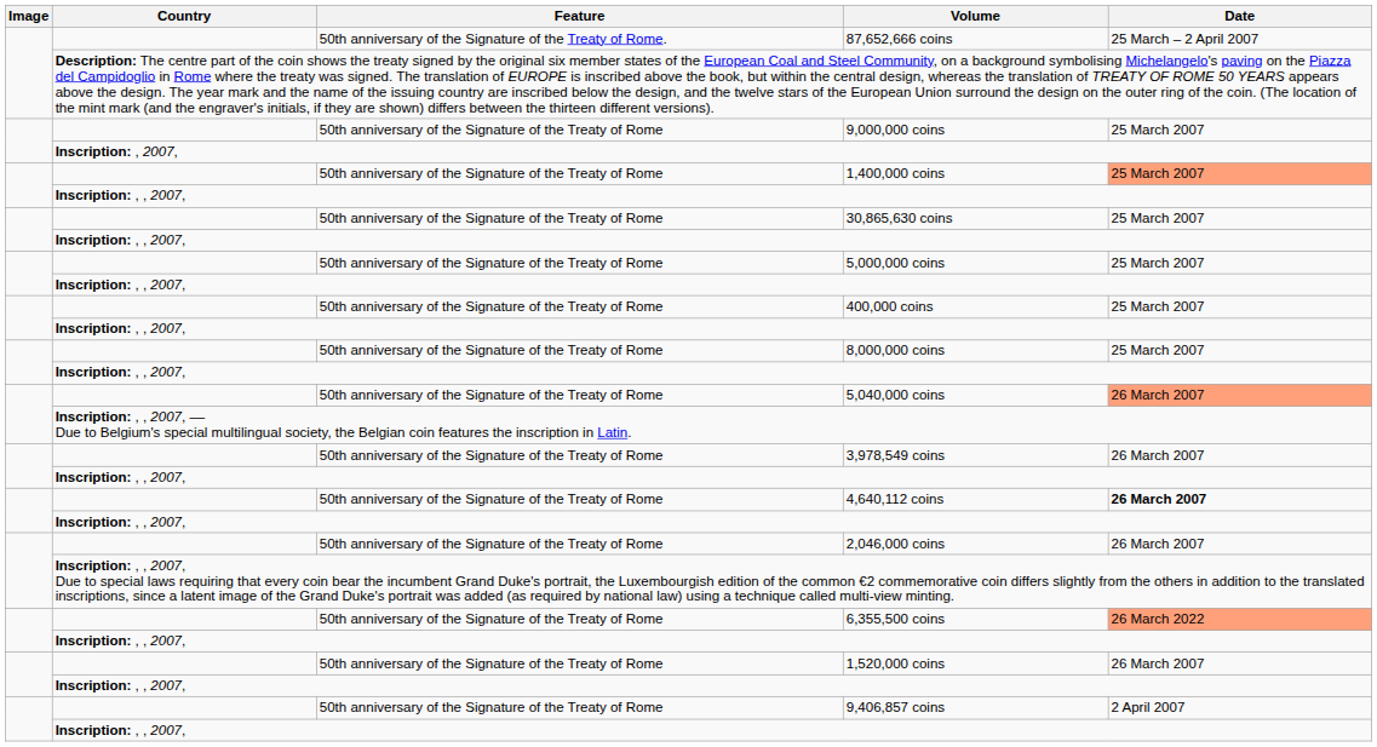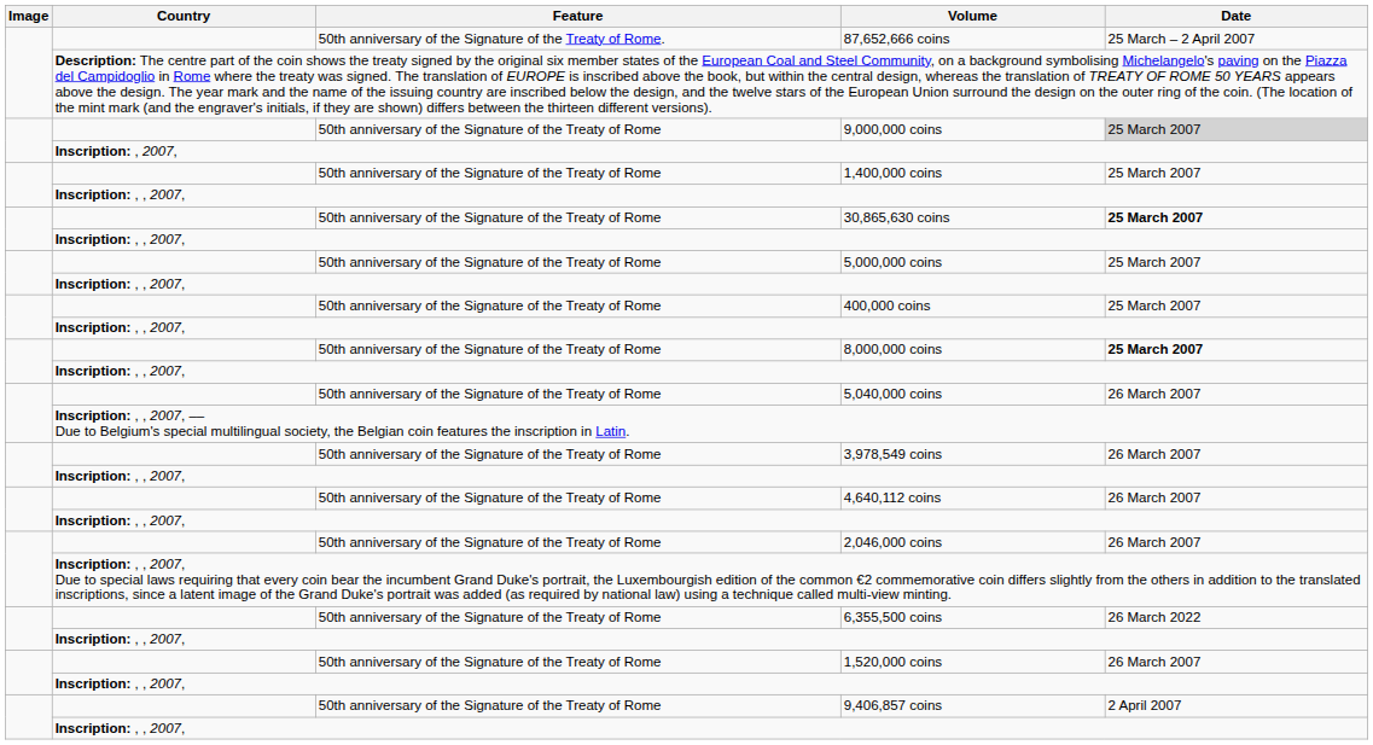 <table class="wikitable">
 <tr>
 <th>Image</th>
 <th>Country</th>
 <th>Feature</th>
 <th>Volume</th>
 <th>Date</th>
 </tr>
 <tr>
 <td style="width:160px;" rowspan="2"></td>
 <td style="width:20%;"></td>
 <td style="width:40%;">50th anniversary of the Signature of the <a href='#'>Treaty of Rome</a>.</td>
 <td style="width:20%;">87,652,666 coins</td>
 <td style="width:20%;">25 March – 2 April 2007</td>
 </tr>
 <tr>
 <td colspan="5"><strong>Description:</strong> The centre part of the coin shows the treaty signed by the original six member states of the <a href='#'>European Coal and Steel Community</a>, on a background symbolising <a href='#'>Michelangelo</a>'s <a href='#'>paving</a> on the <a href='#'>Piazza del Campidoglio</a> in <a href='#'>Rome</a> where the treaty was signed. The translation of <em>EUROPE</em> is inscribed above the book, but within the central design, whereas the translation of <em>TREATY OF ROME 50 YEARS</em> appears above the design. The year mark and the name of the issuing country are inscribed below the design, and the twelve stars of the European Union surround the design on the outer ring of the coin. (The location of the mint mark (and the engraver's initials, if they are shown) differs between the thirteen different versions).</td>
 </tr>
 <tr>
 <td style="width:160px;" rowspan="2"></td>
 <td style="width:20%;"></td>
 <td style="width:40%;">50th anniversary of the Signature of the Treaty of Rome</td>
 <td style="width:20%;">9,000,000 coins</td>
-<td style="width:20%;">25 March 2007</td>
+<td style="background: lightgrey; width:20%;">25 March 2007</td>
 </tr>
 <tr>
 <td colspan="5"><strong>Inscription:</strong>  , <em>2007</em>, </td>
 </tr>
 <tr>
 <td style="width:160px;" rowspan="2"></td>
 <td style="width:20%;"></td>
 <td style="width:40%;">50th anniversary of the Signature of the Treaty of Rome</td>
 <td style="width:20%;">1,400,000 coins</td>
-<td style="background: lightsalmon; width:20%;">25 March 2007</td>
+<td style="width:20%;">25 March 2007</td>
 </tr>
 <tr>
 <td colspan="5"><strong>Inscription:</strong> , , <em>2007</em>,  </td>
 </tr>
 <tr>
 <td style="width:160px;" rowspan="2"></td>
 <td style="width:20%;"></td>
 <td style="width:40%;">50th anniversary of the Signature of the Treaty of Rome</td>
 <td style="width:20%;">30,865,630 coins</td>
-<td style="width:20%;">25 March 2007</td>
+<td style="width:20%;"><strong>25 March 2007</strong></td>
 </tr>
 <tr>
 <td colspan="5"><strong>Inscription:</strong> , , <em>2007</em>, </td>
 </tr>
 <tr>
 <td style="width:160px;" rowspan="2"></td>
 <td style="width:20%;"></td>
 <td style="width:40%;">50th anniversary of the Signature of the Treaty of Rome</td>
 <td style="width:20%;">5,000,000 coins</td>
 <td style="width:20%;">25 March 2007</td>
 </tr>
 <tr>
 <td colspan="5"><strong>Inscription:</strong> , , <em>2007</em>, </td>
 </tr>
 <tr>
 <td style="width:160px;" rowspan="2"></td>
 <td style="width:20%;"></td>
 <td style="width:40%;">50th anniversary of the Signature of the Treaty of Rome</td>
 <td style="width:20%;">400,000 coins</td>
 <td style="width:20%;">25 March 2007</td>
 </tr>
 <tr>
 <td colspan="5"><strong>Inscription:</strong> , , <em>2007</em>, </td>
 </tr>
 <tr>
 <td style="width:160px;" rowspan="2"></td>
 <td style="width:20%;"></td>
 <td style="width:40%;">50th anniversary of the Signature of the Treaty of Rome</td>
 <td style="width:20%;">8,000,000 coins</td>
-<td style="width:20%;">25 March 2007</td>
+<td style="width:20%;"><strong>25 March 2007</strong></td>
 </tr>
 <tr>
 <td colspan="5"><strong>Inscription:</strong> , , <em>2007</em>, </td>
 </tr>
 <tr>
 <td style="width:160px;" rowspan="2"></td>
 <td style="width:20%;"></td>
 <td style="width:40%;">50th anniversary of the Signature of the Treaty of Rome</td>
 <td style="width:20%;">5,040,000 coins</td>
-<td style="background: lightsalmon; width:20%;">26 March 2007</td>
+<td style="width:20%;">26 March 2007</td>
 </tr>
 <tr>
 <td colspan="5"><strong>Inscription:</strong> , <em></em>, <em>2007</em>, <em>––</em><br>Due to Belgium's special multilingual society, the Belgian coin features the inscription  in <a href='#'>Latin</a>.</td>
 </tr>
 <tr>
 <td style="width:160px;" rowspan="2"></td>
 <td style="width:20%;"></td>
 <td style="width:40%;">50th anniversary of the Signature of the Treaty of Rome</td>
 <td style="width:20%;">3,978,549 coins</td>
 <td style="width:20%;">26 March 2007</td>
 </tr>
 <tr>
 <td colspan="5"><strong>Inscription:</strong> <em></em>, <em></em>, <em>2007</em>, <em></em></td>
 </tr>
 <tr>
 <td style="width:160px;" rowspan="2"></td>
 <td style="width:20%;"></td>
 <td style="width:40%;">50th anniversary of the Signature of the Treaty of Rome</td>
 <td style="width:20%;">4,640,112 coins</td>
-<td style="width:20%;"><strong>26 March 2007</strong></td>
+<td style="width:20%;">26 March 2007</td>
 </tr>
 <tr>
 <td colspan="5"><strong>Inscription:</strong> , , <em>2007</em>, </td>
 </tr>
 <tr>
 <td style="width:160px;" rowspan="2"></td>
 <td style="width:20%;"></td>
 <td style="width:40%;">50th anniversary of the Signature of the Treaty of Rome</td>
 <td style="width:20%;">2,046,000 coins</td>
 <td style="width:20%;">26 March 2007</td>
 </tr>
 <tr>
 <td colspan="5"><strong>Inscription:</strong> , , <em>2007</em>, <br>Due to special laws requiring that every coin bear the incumbent Grand Duke's portrait, the Luxembourgish edition of the common €2 commemorative coin differs slightly from the others in addition to the translated inscriptions, since a latent image of the Grand Duke's portrait was added (as required by national law) using a technique called multi-view minting.</td>
 </tr>
 <tr>
 <td style="width:160px;" rowspan="2"></td>
 <td style="width:20%;"></td>
 <td style="width:40%;">50th anniversary of the Signature of the Treaty of Rome</td>
 <td style="width:20%;">6,355,500 coins</td>
-<td style="background: lightsalmon; width:20%;">26 March 2022</td>
+<td style="width:20%;">26 March 2022</td>
 </tr>
 <tr>
 <td colspan="5"><strong>Inscription:</strong> , , <em>2007</em>, </td>
 </tr>
 <tr>
 <td style="width:160px;" rowspan="2"></td>
 <td style="width:20%;"></td>
 <td style="width:40%;">50th anniversary of the Signature of the Treaty of Rome</td>
 <td style="width:20%;">1,520,000 coins</td>
 <td style="width:20%;">26 March 2007</td>
 </tr>
 <tr>
 <td colspan="5"><strong>Inscription:</strong> , , <em>2007</em>, </td>
 </tr>
 <tr>
 <td style="width:160px;" rowspan="2"></td>
 <td style="width:20%;"></td>
 <td style="width:40%;">50th anniversary of the Signature of the Treaty of Rome</td>
 <td style="width:20%;">9,406,857 coins</td>
 <td style="width:20%;">2 April 2007</td>
 </tr>
 <tr>
 <td colspan="5"><strong>Inscription:</strong> , , <em>2007</em>, </td>
 </tr>
 </table>
